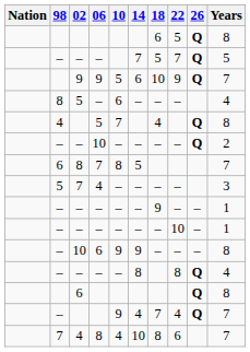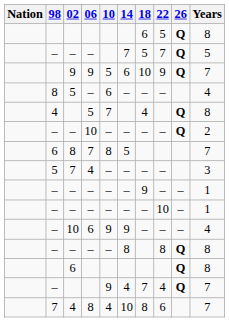 <table class="wikitable sortable" style="text-align:center">
 <tr>
 <th>Nation</th>
 <th data-sort-type="number"><a href='#'>98</a></th>
 <th data-sort-type="number"><a href='#'>02</a></th>
 <th data-sort-type="number"><a href='#'>06</a></th>
 <th data-sort-type="number"><a href='#'>10</a></th>
 <th data-sort-type="number"><a href='#'>14</a></th>
 <th data-sort-type="number"><a href='#'>18</a></th>
 <th data-sort-type="number"><a href='#'>22</a></th>
 <th data-sort-type="number"><a href='#'>26</a></th>
 <th>Years</th>
 </tr>
 <tr>
 <td align=left></td>
 <td></td>
 <td></td>
 <td></td>
 <td></td>
 <td></td>
 <td>6</td>
 <td>5</td>
 <td><strong>Q</strong></td>
 <td>8</td>
 </tr>
 <tr>
 <td align=left></td>
 <td data-sort-value="11">–</td>
 <td data-sort-value="11">–</td>
 <td data-sort-value="11">–</td>
 <td></td>
 <td>7</td>
 <td>5</td>
 <td>7</td>
 <td><strong>Q</strong></td>
 <td>5</td>
 </tr>
 <tr>
 <td align=left></td>
 <td></td>
 <td>9</td>
 <td>9</td>
 <td>5</td>
 <td>6</td>
 <td>10</td>
 <td>9</td>
 <td><strong>Q</strong></td>
 <td>7</td>
 </tr>
 <tr>
 <td align=left></td>
 <td>8</td>
 <td>5</td>
 <td data-sort-value="11">–</td>
 <td>6</td>
 <td data-sort-value="11">–</td>
 <td data-sort-value="11">–</td>
 <td data-sort-value="11">–</td>
 <td></td>
 <td>4</td>
 </tr>
 <tr>
 <td align=left></td>
 <td>4</td>
 <td></td>
 <td>5</td>
 <td>7</td>
 <td></td>
 <td>4</td>
 <td data-sort-value="11"></td>
 <td><strong>Q</strong></td>
 <td>8</td>
 </tr>
 <tr>
 <td align=left></td>
 <td data-sort-value="11">–</td>
 <td data-sort-value="11">–</td>
 <td>10</td>
 <td data-sort-value="11">–</td>
 <td data-sort-value="11">–</td>
 <td data-sort-value="11">–</td>
 <td data-sort-value="11">–</td>
 <td><strong>Q</strong></td>
 <td>2</td>
 </tr>
 <tr>
 <td align=left></td>
 <td>6</td>
 <td>8</td>
 <td>7</td>
 <td>8</td>
 <td>5</td>
 <td></td>
 <td data-sort-value="11"></td>
 <td></td>
 <td>7</td>
 </tr>
 <tr>
 <td align=left></td>
 <td>5</td>
 <td>7</td>
 <td>4</td>
 <td data-sort-value="11">–</td>
 <td data-sort-value="11">–</td>
 <td data-sort-value="11">–</td>
 <td data-sort-value="11">–</td>
 <td></td>
 <td>3</td>
 </tr>
 <tr>
 <td align=left></td>
 <td data-sort-value="11">–</td>
 <td data-sort-value="11">–</td>
 <td data-sort-value="11">–</td>
 <td data-sort-value="11">–</td>
 <td data-sort-value="11">–</td>
 <td>9</td>
 <td data-sort-value="11">–</td>
 <td data-sort-value="11">–</td>
 <td>1</td>
 </tr>
 <tr>
 <td align=left></td>
 <td data-sort-value="11">–</td>
 <td data-sort-value="11">–</td>
 <td data-sort-value="11">–</td>
 <td data-sort-value="11">–</td>
 <td data-sort-value="11">–</td>
 <td data-sort-value="11">–</td>
 <td>10</td>
 <td data-sort-value="11">–</td>
 <td>1</td>
 </tr>
 <tr>
 <td align=left></td>
 <td data-sort-value="11">–</td>
 <td>10</td>
 <td>6</td>
 <td>9</td>
 <td>9</td>
 <td data-sort-value="11">–</td>
 <td data-sort-value="11">–</td>
 <td data-sort-value="11">–</td>
-<td>8</td>
+<td>4</td>
 </tr>
 <tr>
 <td align=left></td>
 <td data-sort-value="11">–</td>
 <td data-sort-value="11">–</td>
 <td data-sort-value="11">–</td>
 <td data-sort-value="11">–</td>
 <td>8</td>
 <td></td>
 <td>8</td>
 <td><strong>Q</strong></td>
-<td>4</td>
+<td>8</td>
 </tr>
 <tr>
 <td align=left></td>
 <td></td>
 <td>6</td>
 <td></td>
 <td></td>
 <td></td>
 <td></td>
 <td></td>
 <td><strong>Q</strong></td>
 <td>8</td>
 </tr>
 <tr>
 <td align=left></td>
 <td data-sort-value="11">–</td>
 <td></td>
 <td></td>
 <td>9</td>
 <td>4</td>
 <td>7</td>
 <td>4</td>
 <td><strong>Q</strong></td>
 <td>7</td>
 </tr>
 <tr>
 <td align=left></td>
 <td>7</td>
 <td>4</td>
 <td>8</td>
 <td>4</td>
 <td>10</td>
 <td>8</td>
 <td>6</td>
 <td></td>
 <td>7</td>
 </tr>
 </table>
